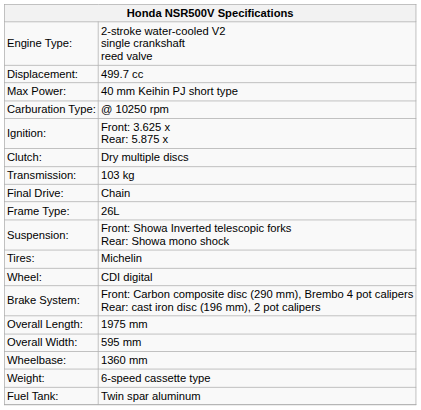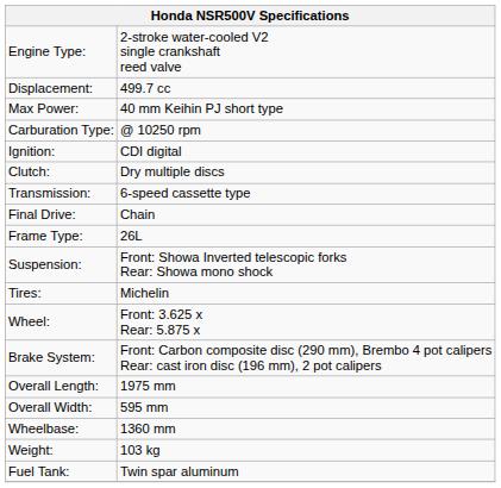 <table class="wikitable">
 <tr>
 <th colspan=3>Honda NSR500V Specifications</th>
 </tr>
 <tr>
 <td>Engine Type:</td>
 <td>2-stroke water-cooled V2<br>single crankshaft<br>reed valve</td>
 </tr>
 <tr>
 <td>Displacement:</td>
 <td>499.7 cc</td>
 </tr>
 <tr>
 <td>Max Power:</td>
 <td>40 mm Keihin PJ short type</td>
 </tr>
 <tr>
 <td>Carburation Type:</td>
 <td> @ 10250 rpm</td>
 </tr>
 <tr>
 <td>Ignition:</td>
-<td>Front: 3.625 x <br>Rear: 5.875 x </td>
+<td>CDI digital</td>
 </tr>
 <tr>
 <td>Clutch:</td>
 <td>Dry multiple discs</td>
 </tr>
 <tr>
 <td>Transmission:</td>
-<td>103 kg</td>
+<td>6-speed cassette type</td>
 </tr>
 <tr>
 <td>Final Drive:</td>
 <td>Chain</td>
 </tr>
 <tr>
 <td>Frame Type:</td>
 <td>26L</td>
 </tr>
 <tr>
 <td>Suspension:</td>
 <td>Front: Showa Inverted telescopic forks <br>Rear: Showa mono shock</td>
 </tr>
 <tr>
 <td>Tires:</td>
 <td>Michelin</td>
 </tr>
 <tr>
 <td>Wheel:</td>
-<td>CDI digital</td>
+<td>Front: 3.625 x <br>Rear: 5.875 x </td>
 </tr>
 <tr>
 <td>Brake System:</td>
 <td>Front: Carbon composite disc (290 mm), Brembo 4 pot calipers<br>Rear: cast iron disc (196 mm), 2 pot calipers</td>
 </tr>
 <tr>
 <td>Overall Length:</td>
 <td>1975 mm</td>
 </tr>
 <tr>
 <td>Overall Width:</td>
 <td>595 mm</td>
 </tr>
 <tr>
 <td>Wheelbase:</td>
 <td>1360 mm</td>
 </tr>
 <tr>
 <td>Weight:</td>
-<td>6-speed cassette type</td>
+<td>103 kg</td>
 </tr>
 <tr>
 <td>Fuel Tank:</td>
 <td>Twin spar aluminum</td>
 </tr>
 <tr>
 </tr>
 </table>
